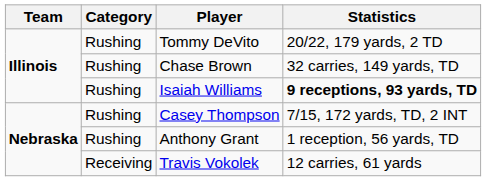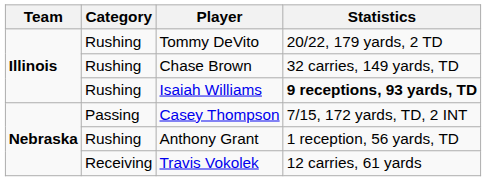 <table class="wikitable" style="float: right;">
 <tr>
 <th>Team</th>
 <th>Category</th>
 <th>Player</th>
 <th>Statistics</th>
 </tr>
 <tr>
 <td rowspan=3><strong>Illinois</strong></td>
 <td>Rushing</td>
 <td>Tommy DeVito</td>
 <td>20/22, 179 yards, 2 TD</td>
 </tr>
 <tr>
 <td>Rushing</td>
 <td>Chase Brown</td>
 <td>32 carries, 149 yards, TD</td>
 </tr>
 <tr>
 <td>Rushing</td>
 <td><a href='#'>Isaiah Williams</a></td>
 <td><strong>9 receptions, 93 yards, TD</strong></td>
 </tr>
 <tr>
 <td rowspan=3><strong>Nebraska</strong></td>
-<td>Rushing</td>
+<td>Passing</td>
 <td><a href='#'>Casey Thompson</a></td>
 <td>7/15, 172 yards, TD, 2 INT</td>
 </tr>
 <tr>
 <td>Rushing</td>
 <td>Anthony Grant</td>
 <td>1 reception, 56 yards, TD</td>
 </tr>
 <tr>
 <td>Receiving</td>
 <td><a href='#'>Travis Vokolek</a></td>
 <td>12 carries, 61 yards</td>
 </tr>
 </table>
